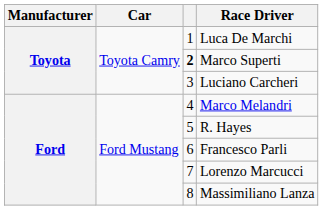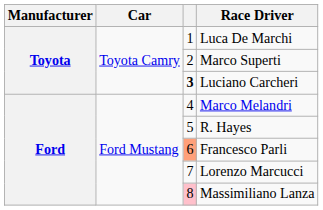 <table class="wikitable">
 <tr>
 <th>Manufacturer</th>
 <th>Car</th>
 <th></th>
 <th>Race Driver</th>
 </tr>
 <tr>
 <th rowspan=3><a href='#'>Toyota</a></th>
 <td rowspan=3><a href='#'>Toyota Camry</a></td>
 <td>1</td>
 <td> Luca De Marchi</td>
 </tr>
 <tr>
-<td><strong>2</strong></td>
+<td>2</td>
 <td> Marco Superti</td>
 </tr>
 <tr>
-<td>3</td>
+<td><strong>3</strong></td>
 <td> Luciano Carcheri</td>
 </tr>
 <tr>
 <th rowspan=5><a href='#'>Ford</a></th>
 <td rowspan=5><a href='#'>Ford Mustang</a></td>
 <td>4</td>
 <td> <a href='#'>Marco Melandri</a></td>
 </tr>
 <tr>
 <td>5</td>
 <td> R. Hayes</td>
 </tr>
 <tr>
-<td>6</td>
+<td style="background: lightsalmon;">6</td>
 <td> Francesco Parli</td>
 </tr>
 <tr>
 <td>7</td>
 <td> Lorenzo Marcucci</td>
 </tr>
 <tr>
-<td>8</td>
+<td style="background: pink;">8</td>
 <td> Massimiliano Lanza</td>
 </tr>
 </table>
